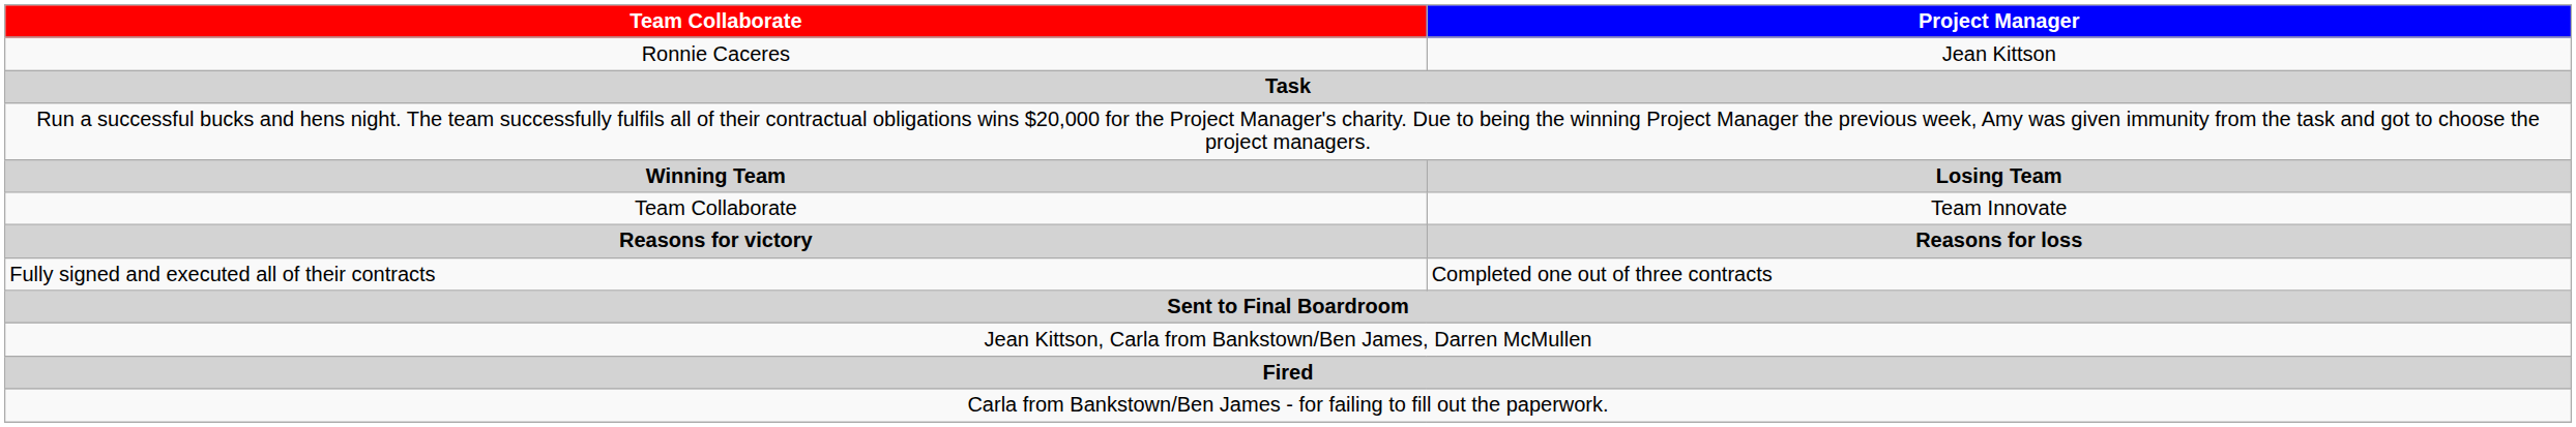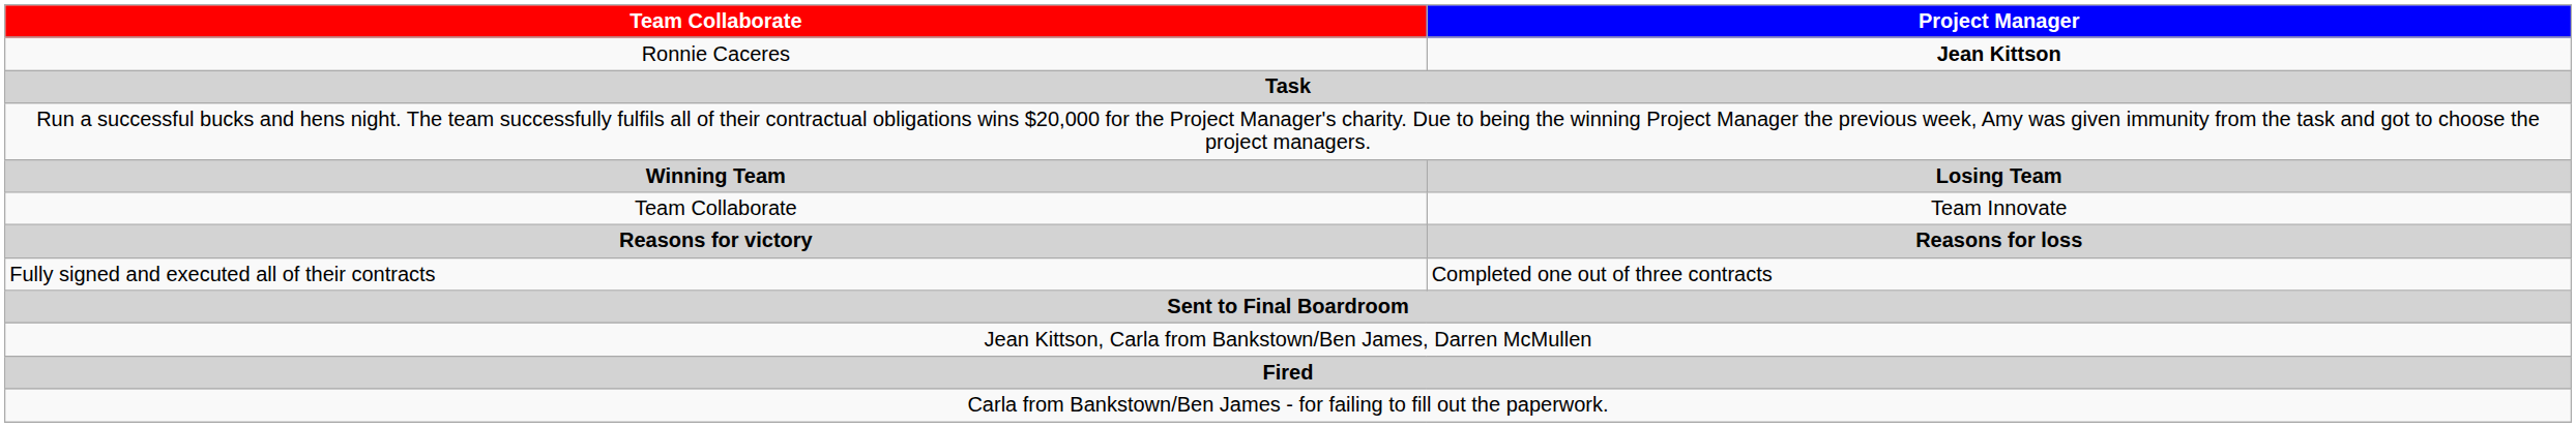 <table class="wikitable" style="text-align: center; width:100%">
 <tr>
 <th style="text-align:center; background:red;color:white">Team Collaborate </th>
 <th style="text-align:center; background:blue;color:white"> Project Manager</th>
 </tr>
 <tr>
 <td>Ronnie Caceres</td>
-<td>Jean Kittson</td>
+<td><strong>Jean Kittson</strong></td>
 </tr>
 <tr>
 <th colspan="2" style="text-align:center; background:lightgrey;">Task</th>
 </tr>
 <tr>
 <td colspan="2">Run a successful bucks and hens night. The team successfully fulfils all of their contractual obligations wins $20,000 for the Project Manager's charity. Due to being the winning Project Manager the previous week, Amy was given immunity from the task and got to choose the project managers.</td>
 </tr>
 <tr>
 <th style="text-align:center; background:lightgrey;">Winning Team</th>
 <th style="text-align:center; background:lightgrey;">Losing Team</th>
 </tr>
 <tr>
 <td>Team Collaborate</td>
 <td>Team Innovate</td>
 </tr>
 <tr>
 <th style="text-align:center; background:lightgrey;">Reasons for victory</th>
 <th style="text-align:center; background:lightgrey;">Reasons for loss</th>
 </tr>
 <tr style="text-align: left; ">
 <td>Fully signed and executed all of their contracts</td>
 <td>Completed one out of three contracts</td>
 </tr>
 <tr>
 <th colspan="2" style="text-align:center; background:lightgrey;">Sent to Final Boardroom</th>
 </tr>
 <tr>
 <td colspan="2">Jean Kittson, Carla from Bankstown/Ben James, Darren McMullen</td>
 </tr>
 <tr>
 <th colspan="2" style="text-align:center; background:lightgrey;">Fired</th>
 </tr>
 <tr>
 <td colspan="2">Carla from Bankstown/Ben James - for failing to fill out the paperwork.</td>
 </tr>
 <tr>
 </tr>
 </table>
